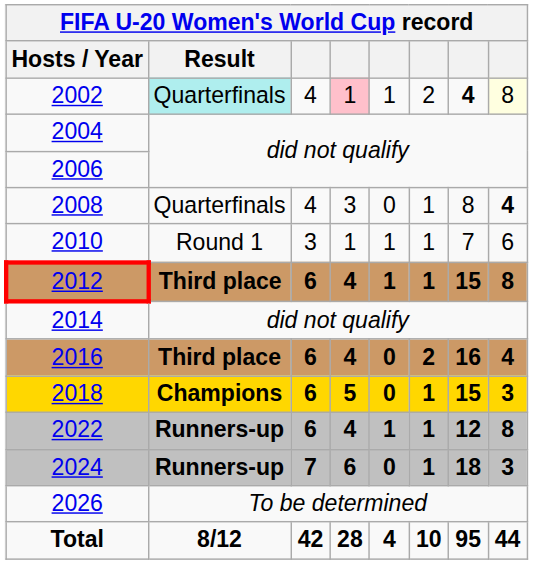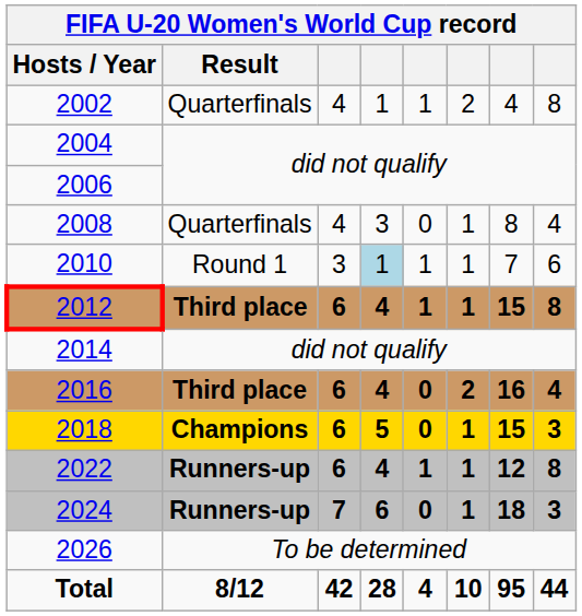 <table class="wikitable" style="text-align: center;">
 <tr>
 <th colspan=9><a href='#'>FIFA U-20 Women's World Cup</a> record</th>
 </tr>
 <tr>
 <th>Hosts / Year</th>
 <th>Result</th>
 <th width=20></th>
 <th width=20></th>
 <th width=20></th>
 <th width=20></th>
 <th width=20></th>
 <th width=20></th>
 </tr>
 <tr>
 <td> <a href='#'>2002</a></td>
-<td style="background: paleturquoise;">Quarterfinals</td>
+<td>Quarterfinals</td>
 <td>4</td>
-<td style="background: pink;">1</td>
+<td>1</td>
 <td>1</td>
 <td>2</td>
-<td><strong>4</strong></td>
-<td style="background: lightyellow;">8</td>
+<td>4</td>
+<td>8</td>
 </tr>
 <tr>
 <td> <a href='#'>2004</a></td>
 <td colspan=7 rowspan=2><em>did not qualify</em></td>
 </tr>
 <tr>
 <td> <a href='#'>2006</a></td>
 </tr>
 <tr>
 <td> <a href='#'>2008</a></td>
 <td>Quarterfinals</td>
 <td>4</td>
 <td>3</td>
 <td>0</td>
 <td>1</td>
 <td>8</td>
-<td><strong>4</strong></td>
+<td>4</td>
 </tr>
 <tr>
 <td> <a href='#'>2010</a></td>
 <td>Round 1</td>
 <td>3</td>
-<td>1</td>
+<td style="background: lightblue;">1</td>
 <td>1</td>
 <td>1</td>
 <td>7</td>
 <td>6</td>
 </tr>
 <tr bgcolor=cc9966>
 <td style="border: 3px solid red"> <a href='#'>2012</a></td>
 <td><strong>Third place</strong></td>
 <td><strong>6</strong></td>
 <td><strong>4</strong></td>
 <td><strong>1</strong></td>
 <td><strong>1</strong></td>
 <td><strong>15</strong></td>
 <td><strong>8</strong></td>
 </tr>
 <tr>
 <td> <a href='#'>2014</a></td>
 <td colspan=7><em>did not qualify</em></td>
 </tr>
 <tr bgcolor=cc9966>
 <td> <a href='#'>2016</a></td>
 <td><strong>Third place</strong></td>
 <td><strong>6</strong></td>
 <td><strong>4</strong></td>
 <td><strong>0</strong></td>
 <td><strong>2</strong></td>
 <td><strong>16</strong></td>
 <td><strong>4</strong></td>
 </tr>
 <tr bgcolor=gold>
 <td> <a href='#'>2018</a></td>
 <td><strong>Champions</strong></td>
 <td><strong>6</strong></td>
 <td><strong>5</strong></td>
 <td><strong>0</strong></td>
 <td><strong>1</strong></td>
 <td><strong>15</strong></td>
 <td><strong>3</strong></td>
 </tr>
 <tr bgcolor=silver>
 <td> <a href='#'>2022</a></td>
 <td><strong>Runners-up</strong></td>
 <td><strong>6</strong></td>
 <td><strong>4</strong></td>
 <td><strong>1</strong></td>
 <td><strong>1</strong></td>
 <td><strong>12</strong></td>
 <td><strong>8</strong></td>
 </tr>
 <tr bgcolor=silver>
 <td> <a href='#'>2024</a></td>
 <td><strong>Runners-up</strong></td>
 <td><strong>7</strong></td>
 <td><strong>6</strong></td>
 <td><strong>0</strong></td>
 <td><strong>1</strong></td>
 <td><strong>18</strong></td>
 <td><strong>3</strong></td>
 </tr>
 <tr>
 <td> <a href='#'>2026</a></td>
 <td colspan=7><em>To be determined</em></td>
 </tr>
 <tr>
 <td><strong>Total</strong></td>
 <td><strong>8/12</strong></td>
 <td><strong>42</strong></td>
 <td><strong>28</strong></td>
 <td><strong>4</strong></td>
 <td><strong>10</strong></td>
 <td><strong>95</strong></td>
 <td><strong>44</strong></td>
 </tr>
 </table>
